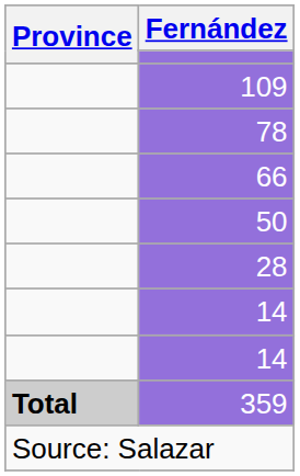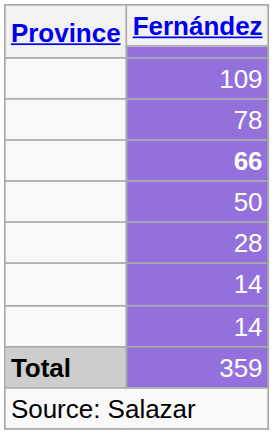 <table class="wikitable sortable" style="text-align:right; font-size:95%">
 <tr>
 <th rowspan=2><a href='#'>Province</a></th>
 <th width=60px><a href='#'>Fernández</a></th>
 </tr>
 <tr>
 <th style="background:#9370DB"></th>
 </tr>
 <tr>
 <td align="left"></td>
 <td style="background:#9370DB; color:white;">109</td>
 </tr>
 <tr>
 <td align="left"></td>
 <td style="background:#9370DB; color:white;">78</td>
 </tr>
 <tr>
 <td align="left"></td>
-<td style="background:#9370DB; color:white;">66</td>
+<td style="background:#9370DB; color:white;"><strong>66</strong></td>
 </tr>
 <tr>
 <td align="left"></td>
 <td style="background:#9370DB; color:white;">50</td>
 </tr>
 <tr>
 <td align="left"></td>
 <td style="background:#9370DB; color:white;">28</td>
 </tr>
 <tr>
 <td align="left"></td>
 <td style="background:#9370DB; color:white;">14</td>
 </tr>
 <tr>
 <td align="left"></td>
 <td style="background:#9370DB; color:white;">14</td>
 </tr>
 <tr style="background:#CDCDCD;" class=sortbottom>
 <td align="left"><strong>Total</strong></td>
 <td style="background:#9370DB; color:white;">359</td>
 </tr>
 <tr class=sortbottom>
 <td align=left colspan=11>Source: Salazar</td>
 </tr>
 </table>
